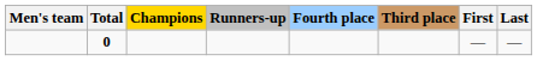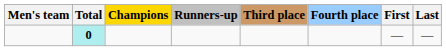 <table class="wikitable" style="text-align: center; font-size: 90%; margin-left: 1em;">
 <tr>
 <th>Men's team</th>
 <th>Total</th>
 <th style="background-color: gold;">Champions</th>
 <th style="background-color: silver;">Runners-up</th>
+<th style="background-color: #cc9966;">Third place</th>
 <th style="background-color: #9acdff;">Fourth place</th>
-<th style="background-color: #cc9966;">Third place</th>
 <th>First</th>
 <th>Last</th>
 </tr>
 <tr>
 <td style="text-align: left;"></td>
-<td><strong>0</strong></td>
+<td style="background: paleturquoise;"><strong>0</strong></td>
 <td></td>
 <td></td>
 <td></td>
 <td></td>
 <td>—</td>
 <td>—</td>
 </tr>
 </table>
